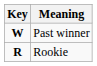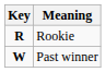 <table class="wikitable" style="fon 19t-size: 95%;">
 <tr>
 <th>Key</th>
 <th>Meaning</th>
 </tr>
 <tr>
+<td align="center"><strong><span>R</span></strong></td>
+<td>Rookie</td>
+</tr>
+<tr>
 <td align="center"><strong><span>W</span></strong></td>
 <td>Past winner</td>
 </tr>
-<tr>
-<td align="center"><strong><span>R</span></strong></td>
-<td>Rookie</td>
-</tr>
 </table>
